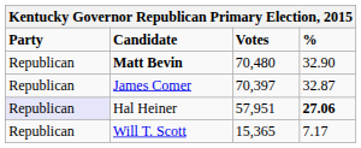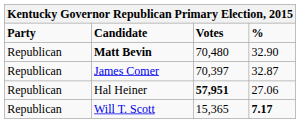 <table class="wikitable">
 <tr>
 <th colspan="5">Kentucky Governor Republican Primary Election, 2015</th>
 </tr>
 <tr>
 <td><strong>Party</strong></td>
 <td><strong>Candidate</strong></td>
 <td><strong>Votes</strong></td>
 <td><strong>%</strong></td>
 </tr>
 <tr>
 <td>Republican</td>
 <td><strong>Matt Bevin</strong></td>
 <td>70,480</td>
 <td>32.90</td>
 </tr>
 <tr>
 <td>Republican</td>
 <td><a href='#'>James Comer</a></td>
 <td>70,397</td>
 <td>32.87</td>
 </tr>
 <tr>
-<td style="background: lavender;">Republican</td>
+<td>Republican</td>
 <td>Hal Heiner</td>
-<td>57,951</td>
-<td><strong>27.06</strong></td>
+<td><strong>57,951</strong></td>
+<td>27.06</td>
 </tr>
 <tr>
 <td>Republican</td>
 <td><a href='#'>Will T. Scott</a></td>
 <td>15,365</td>
-<td>7.17</td>
+<td><strong>7.17</strong></td>
 </tr>
 </table>
